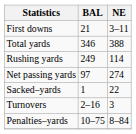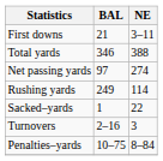 <table class="wikitable" style="float: left;">
 <tr>
 <th>Statistics</th>
 <th>BAL</th>
 <th>NE</th>
 </tr>
 <tr>
 <td>First downs</td>
 <td>21</td>
 <td>3–11</td>
 </tr>
 <tr>
 <td>Total yards</td>
 <td>346</td>
 <td>388</td>
 </tr>
 <tr>
+<td>Net passing yards</td>
+<td>97</td>
+<td>274</td>
+</tr>
+<tr>
 <td>Rushing yards</td>
 <td>249</td>
 <td>114</td>
-</tr>
-<tr>
-<td>Net passing yards</td>
-<td>97</td>
-<td>274</td>
 </tr>
 <tr>
 <td>Sacked–yards</td>
 <td>1</td>
 <td>22</td>
 </tr>
 <tr>
 <td>Turnovers</td>
 <td>2–16</td>
 <td>3</td>
 </tr>
 <tr>
 <td>Penalties–yards</td>
 <td>10–75</td>
 <td>8–84</td>
 </tr>
 <tr>
 </tr>
 </table>
